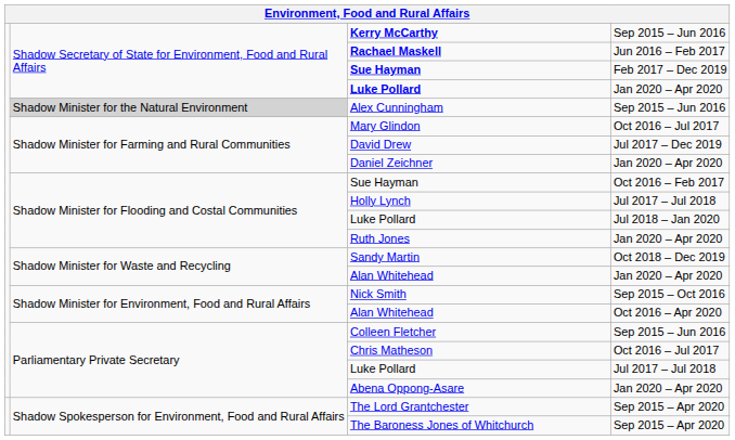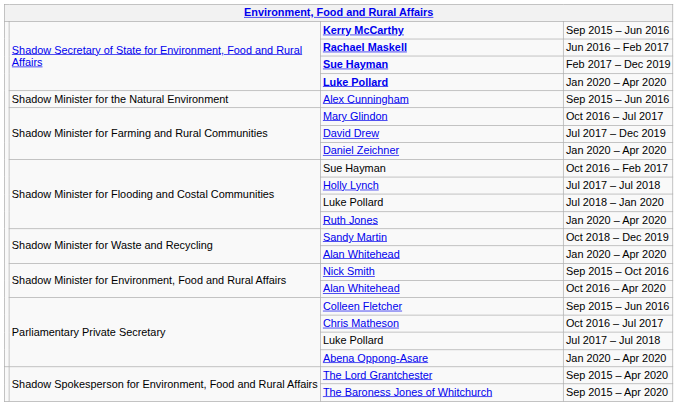 <table class="wikitable">
 <tr>
 <th colspan="4"><a href='#'>Environment, Food and Rural Affairs</a></th>
 </tr>
 <tr>
 <td rowspan="20" style="background: "></td>
 <td rowspan="4" style="width: 450px;"><a href='#'>Shadow Secretary of State for Environment, Food and Rural Affairs</a></td>
 <td style="width: 350px;"><strong><a href='#'>Kerry McCarthy</a></strong></td>
 <td>Sep 2015 – Jun 2016</td>
 </tr>
 <tr>
 <td><strong><a href='#'>Rachael Maskell</a></strong></td>
 <td>Jun 2016 – Feb 2017</td>
 </tr>
 <tr>
 <td><strong><a href='#'>Sue Hayman</a></strong></td>
 <td>Feb 2017 – Dec 2019</td>
 </tr>
 <tr>
 <td><strong><a href='#'>Luke Pollard</a></strong></td>
 <td>Jan 2020 – Apr 2020</td>
 </tr>
 <tr>
-<td style="background: lightgrey;">Shadow Minister for the Natural Environment</td>
+<td>Shadow Minister for the Natural Environment</td>
 <td><a href='#'>Alex Cunningham</a></td>
 <td>Sep 2015 – Jun 2016</td>
 </tr>
 <tr>
 <td rowspan="3">Shadow Minister for Farming and Rural Communities</td>
 <td><a href='#'>Mary Glindon</a></td>
 <td>Oct 2016 – Jul 2017</td>
 </tr>
 <tr>
 <td><a href='#'>David Drew</a></td>
 <td>Jul 2017 – Dec 2019</td>
 </tr>
 <tr>
 <td><a href='#'>Daniel Zeichner</a></td>
 <td>Jan 2020 – Apr 2020</td>
 </tr>
 <tr>
 <td rowspan="4">Shadow Minister for Flooding and Costal Communities</td>
 <td>Sue Hayman</td>
 <td>Oct 2016 – Feb 2017</td>
 </tr>
 <tr>
 <td><a href='#'>Holly Lynch</a></td>
 <td>Jul 2017 – Jul 2018</td>
 </tr>
 <tr>
 <td>Luke Pollard</td>
 <td>Jul 2018 – Jan 2020</td>
 </tr>
 <tr>
 <td><a href='#'>Ruth Jones</a></td>
 <td>Jan 2020 – Apr 2020</td>
 </tr>
 <tr>
 <td rowspan="2">Shadow Minister for Waste and Recycling</td>
 <td><a href='#'>Sandy Martin</a></td>
 <td>Oct 2018 – Dec 2019</td>
 </tr>
 <tr>
 <td><a href='#'>Alan Whitehead</a></td>
 <td>Jan 2020 – Apr 2020</td>
 </tr>
 <tr>
 <td rowspan="2">Shadow Minister for Environment, Food and Rural Affairs</td>
 <td><a href='#'>Nick Smith</a></td>
 <td>Sep 2015 – Oct 2016</td>
 </tr>
 <tr>
 <td><a href='#'>Alan Whitehead</a></td>
 <td>Oct 2016 – Apr 2020</td>
 </tr>
 <tr>
 <td rowspan="4">Parliamentary Private Secretary</td>
 <td><a href='#'>Colleen Fletcher</a></td>
 <td>Sep 2015 – Jun 2016</td>
 </tr>
 <tr>
 <td><a href='#'>Chris Matheson</a></td>
 <td>Oct 2016 – Jul 2017</td>
 </tr>
 <tr>
 <td>Luke Pollard</td>
 <td>Jul 2017 – Jul 2018</td>
 </tr>
 <tr>
 <td><a href='#'>Abena Oppong-Asare</a></td>
 <td>Jan 2020 – Apr 2020</td>
 </tr>
 <tr>
 <td rowspan="2" style="background: "></td>
 <td rowspan="2">Shadow Spokesperson for Environment, Food and Rural Affairs</td>
 <td><a href='#'>The Lord Grantchester</a></td>
 <td>Sep 2015 – Apr 2020</td>
 </tr>
 <tr>
 <td><a href='#'>The Baroness Jones of Whitchurch</a></td>
 <td>Sep 2015 – Apr 2020</td>
 </tr>
 </table>
